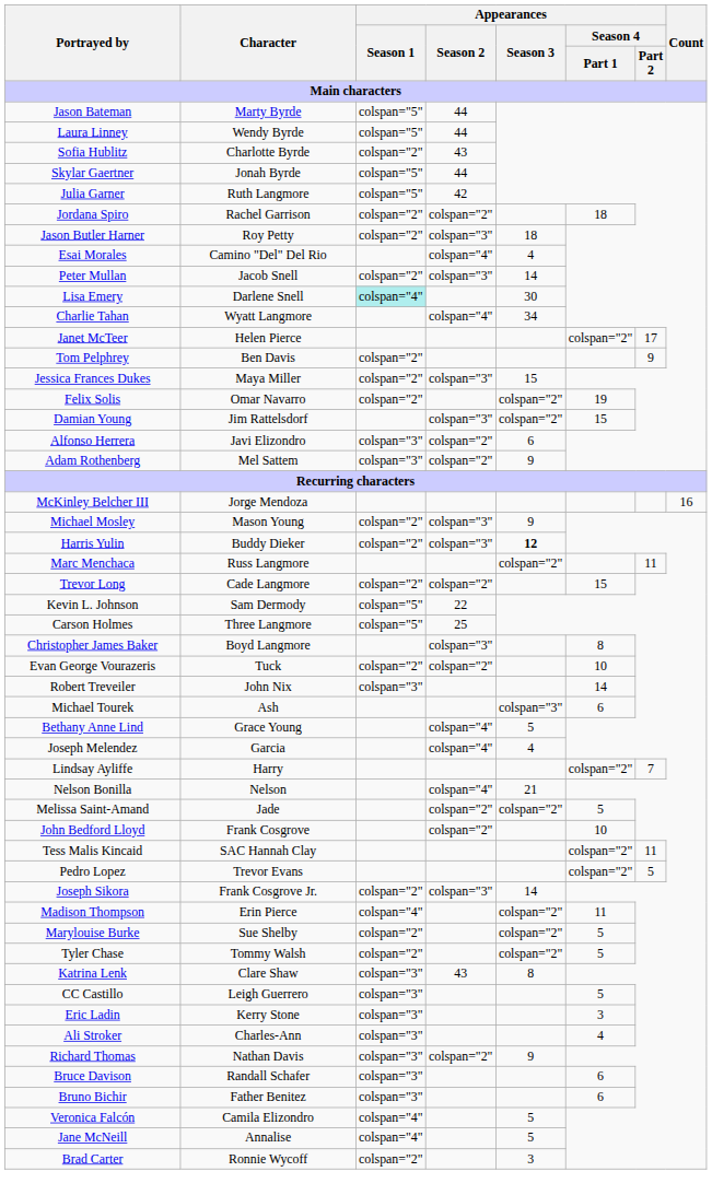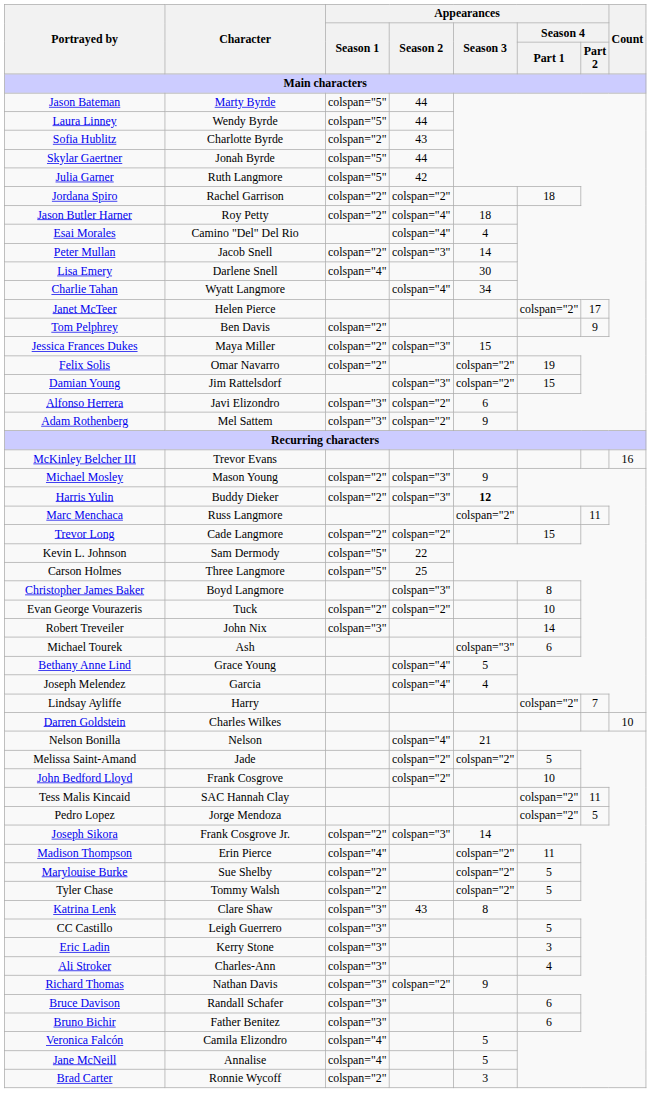 <table class="wikitable" style="text-align:center; width:auto">
 <tr>
 <th rowspan="3" scope="col" style="width:25%;">Portrayed by</th>
 <th rowspan="3" scope="col" style="width:25%;">Character</th>
 <th scope="col" colspan="5">Appearances</th>
 <th rowspan="3" scope="col" style="width:5%;">Count</th>
 </tr>
 <tr>
 <th rowspan="2" scope="col" style="width:9%;">Season 1</th>
 <th rowspan="2" scope="col" style="width:9%;">Season 2</th>
 <th rowspan="2" scope="col" style="width:9%;">Season 3</th>
 <th colspan="2" scope="col" style="width:9%;">Season 4</th>
 </tr>
 <tr>
 <th>Part 1</th>
 <th>Part 2</th>
 </tr>
 <tr>
 <th colspan="8" style="background:#ccf;">Main characters</th>
 </tr>
 <tr>
 <td><a href='#'>Jason Bateman</a></td>
 <td><a href='#'>Marty Byrde</a></td>
 <td>colspan="5" </td>
 <td>44</td>
 </tr>
 <tr>
 <td><a href='#'>Laura Linney</a></td>
 <td>Wendy Byrde</td>
 <td>colspan="5" </td>
 <td>44</td>
 </tr>
 <tr>
 <td><a href='#'>Sofia Hublitz</a></td>
 <td>Charlotte Byrde</td>
 <td>colspan="2" </td>
 <td>43</td>
 </tr>
 <tr>
 <td><a href='#'>Skylar Gaertner</a></td>
 <td>Jonah Byrde</td>
 <td>colspan="5" </td>
 <td>44</td>
 </tr>
 <tr>
 <td><a href='#'>Julia Garner</a></td>
 <td>Ruth Langmore</td>
 <td>colspan="5" </td>
 <td>42</td>
 </tr>
 <tr>
 <td><a href='#'>Jordana Spiro</a></td>
 <td>Rachel Garrison</td>
 <td>colspan="2" </td>
 <td>colspan="2" </td>
 <td></td>
 <td>18</td>
 </tr>
 <tr>
 <td><a href='#'>Jason Butler Harner</a></td>
 <td>Roy Petty</td>
 <td>colspan="2" </td>
-<td>colspan="3" </td>
+<td>colspan="4" </td>
 <td>18</td>
 </tr>
 <tr>
 <td><a href='#'>Esai Morales</a></td>
 <td>Camino "Del" Del Rio</td>
 <td></td>
 <td>colspan="4" </td>
 <td>4</td>
 </tr>
 <tr>
 <td><a href='#'>Peter Mullan</a></td>
 <td>Jacob Snell</td>
 <td>colspan="2" </td>
 <td>colspan="3" </td>
 <td>14</td>
 </tr>
 <tr>
 <td><a href='#'>Lisa Emery</a></td>
 <td>Darlene Snell</td>
-<td style="background: paleturquoise;">colspan="4" </td>
+<td>colspan="4" </td>
 <td></td>
 <td>30</td>
 </tr>
 <tr>
 <td><a href='#'>Charlie Tahan</a></td>
 <td>Wyatt Langmore</td>
 <td></td>
 <td>colspan="4" </td>
 <td>34</td>
 </tr>
 <tr>
 <td><a href='#'>Janet McTeer</a></td>
 <td>Helen Pierce</td>
 <td></td>
 <td></td>
 <td></td>
 <td>colspan="2" </td>
 <td>17</td>
 </tr>
 <tr>
 <td><a href='#'>Tom Pelphrey</a></td>
 <td>Ben Davis</td>
 <td>colspan="2" </td>
 <td></td>
 <td></td>
 <td></td>
 <td>9</td>
 </tr>
 <tr>
 <td><a href='#'>Jessica Frances Dukes</a></td>
 <td>Maya Miller</td>
 <td>colspan="2" </td>
 <td>colspan="3" </td>
 <td>15</td>
 </tr>
 <tr>
 <td><a href='#'>Felix Solis</a></td>
 <td>Omar Navarro</td>
 <td>colspan="2" </td>
 <td></td>
 <td>colspan="2" </td>
 <td>19</td>
 </tr>
 <tr>
 <td><a href='#'>Damian Young</a></td>
 <td>Jim Rattelsdorf</td>
 <td></td>
 <td>colspan="3" </td>
 <td>colspan="2" </td>
 <td>15</td>
 </tr>
 <tr>
 <td><a href='#'>Alfonso Herrera</a></td>
 <td>Javi Elizondro</td>
 <td>colspan="3" </td>
 <td>colspan="2" </td>
 <td>6</td>
 </tr>
 <tr>
 <td><a href='#'>Adam Rothenberg</a></td>
 <td>Mel Sattem</td>
 <td>colspan="3" </td>
 <td>colspan="2" </td>
 <td>9</td>
 </tr>
 <tr>
 <th colspan="8" style="background:#ccf;">Recurring characters</th>
 </tr>
 <tr>
 <td><a href='#'>McKinley Belcher III</a></td>
-<td>Jorge Mendoza</td>
+<td>Trevor Evans</td>
 <td></td>
 <td></td>
 <td></td>
 <td></td>
 <td></td>
 <td>16</td>
 </tr>
 <tr>
 <td><a href='#'>Michael Mosley</a></td>
 <td>Mason Young</td>
 <td>colspan="2" </td>
 <td>colspan="3" </td>
 <td>9</td>
 </tr>
 <tr>
 <td><a href='#'>Harris Yulin</a></td>
 <td>Buddy Dieker</td>
 <td>colspan="2" </td>
 <td>colspan="3" </td>
 <td><strong>12</strong></td>
 </tr>
 <tr>
 <td><a href='#'>Marc Menchaca</a></td>
 <td>Russ Langmore</td>
 <td></td>
 <td></td>
 <td>colspan="2" </td>
 <td></td>
 <td>11</td>
 </tr>
 <tr>
 <td><a href='#'>Trevor Long</a></td>
 <td>Cade Langmore</td>
 <td>colspan="2" </td>
 <td>colspan="2" </td>
 <td></td>
 <td>15</td>
 </tr>
 <tr>
 <td>Kevin L. Johnson</td>
 <td>Sam Dermody</td>
 <td>colspan="5" </td>
 <td>22</td>
 </tr>
 <tr>
 <td>Carson Holmes</td>
 <td>Three Langmore</td>
 <td>colspan="5" </td>
 <td>25</td>
 </tr>
 <tr>
 <td><a href='#'>Christopher James Baker</a></td>
 <td>Boyd Langmore</td>
 <td></td>
 <td>colspan="3" </td>
 <td></td>
 <td>8</td>
 </tr>
 <tr>
 <td>Evan George Vourazeris</td>
 <td>Tuck</td>
 <td>colspan="2" </td>
 <td>colspan="2" </td>
 <td></td>
 <td>10</td>
 </tr>
 <tr>
 <td>Robert Treveiler</td>
 <td>John Nix</td>
 <td>colspan="3" </td>
 <td></td>
 <td></td>
 <td>14</td>
 </tr>
 <tr>
 <td>Michael Tourek</td>
 <td>Ash</td>
 <td></td>
 <td></td>
 <td>colspan="3" </td>
 <td>6</td>
 </tr>
 <tr>
 <td><a href='#'>Bethany Anne Lind</a></td>
 <td>Grace Young</td>
 <td></td>
 <td>colspan="4" </td>
 <td>5</td>
 </tr>
 <tr>
 <td>Joseph Melendez</td>
 <td>Garcia</td>
 <td></td>
 <td>colspan="4" </td>
 <td>4</td>
 </tr>
 <tr>
 <td>Lindsay Ayliffe</td>
 <td>Harry</td>
 <td></td>
 <td></td>
 <td></td>
 <td>colspan="2" </td>
 <td>7</td>
 </tr>
 <tr>
+<td><a href='#'>Darren Goldstein</a></td>
+<td>Charles Wilkes</td>
+<td></td>
+<td></td>
+<td></td>
+<td></td>
+<td></td>
+<td>10</td>
+</tr>
+<tr>
 <td>Nelson Bonilla</td>
 <td>Nelson</td>
 <td></td>
 <td>colspan="4" </td>
 <td>21</td>
 </tr>
 <tr>
 <td>Melissa Saint-Amand</td>
 <td>Jade</td>
 <td></td>
 <td>colspan="2" </td>
 <td>colspan="2" </td>
 <td>5</td>
 </tr>
 <tr>
 <td><a href='#'>John Bedford Lloyd</a></td>
 <td>Frank Cosgrove</td>
 <td></td>
 <td>colspan="2" </td>
 <td></td>
 <td>10</td>
 </tr>
 <tr>
 <td>Tess Malis Kincaid</td>
 <td>SAC Hannah Clay</td>
 <td></td>
 <td></td>
 <td></td>
 <td>colspan="2" </td>
 <td>11</td>
 </tr>
 <tr>
 <td>Pedro Lopez</td>
-<td>Trevor Evans</td>
+<td>Jorge Mendoza</td>
 <td></td>
 <td></td>
 <td></td>
 <td>colspan="2" </td>
 <td>5</td>
 </tr>
 <tr>
 <td><a href='#'>Joseph Sikora</a></td>
 <td>Frank Cosgrove Jr.</td>
 <td>colspan="2" </td>
 <td>colspan="3" </td>
 <td>14</td>
 </tr>
 <tr>
 <td><a href='#'>Madison Thompson</a></td>
 <td>Erin Pierce</td>
 <td>colspan="4" </td>
 <td></td>
 <td>colspan="2" </td>
 <td>11</td>
 </tr>
 <tr>
 <td><a href='#'>Marylouise Burke</a></td>
 <td>Sue Shelby</td>
 <td>colspan="2" </td>
 <td></td>
 <td>colspan="2" </td>
 <td>5</td>
 </tr>
 <tr>
 <td>Tyler Chase</td>
 <td>Tommy Walsh</td>
 <td>colspan="2" </td>
 <td></td>
 <td>colspan="2" </td>
 <td>5</td>
 </tr>
 <tr>
 <td><a href='#'>Katrina Lenk</a></td>
 <td>Clare Shaw</td>
 <td>colspan="3" </td>
 <td>43</td>
 <td>8</td>
 </tr>
 <tr>
 <td>CC Castillo</td>
 <td>Leigh Guerrero</td>
 <td>colspan="3" </td>
 <td></td>
 <td></td>
 <td>5</td>
 </tr>
 <tr>
 <td><a href='#'>Eric Ladin</a></td>
 <td>Kerry Stone</td>
 <td>colspan="3" </td>
 <td></td>
 <td></td>
 <td>3</td>
 </tr>
 <tr>
 <td><a href='#'>Ali Stroker</a></td>
 <td>Charles-Ann</td>
 <td>colspan="3" </td>
 <td></td>
 <td></td>
 <td>4</td>
 </tr>
 <tr>
 <td><a href='#'>Richard Thomas</a></td>
 <td>Nathan Davis</td>
 <td>colspan="3" </td>
 <td>colspan="2" </td>
 <td>9</td>
 </tr>
 <tr>
 <td><a href='#'>Bruce Davison</a></td>
 <td>Randall Schafer</td>
 <td>colspan="3" </td>
 <td></td>
 <td></td>
 <td>6</td>
 </tr>
 <tr>
 <td><a href='#'>Bruno Bichir</a></td>
 <td>Father Benitez</td>
 <td>colspan="3" </td>
 <td></td>
 <td></td>
 <td>6</td>
 </tr>
 <tr>
 <td><a href='#'>Veronica Falcón</a></td>
 <td>Camila Elizondro</td>
 <td>colspan="4" </td>
 <td></td>
 <td>5</td>
 </tr>
 <tr>
 <td><a href='#'>Jane McNeill</a></td>
 <td>Annalise</td>
 <td>colspan="4" </td>
 <td></td>
 <td>5</td>
 </tr>
 <tr>
 <td><a href='#'>Brad Carter</a></td>
 <td>Ronnie Wycoff</td>
 <td>colspan="2" </td>
 <td></td>
 <td>3</td>
 </tr>
 </table>
